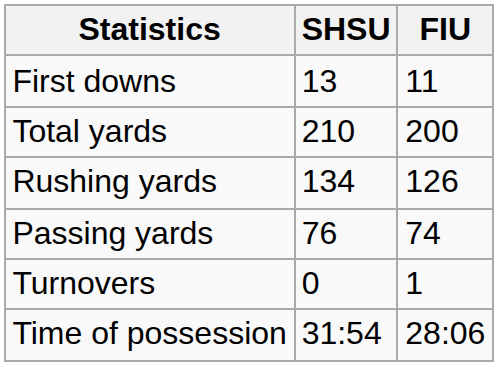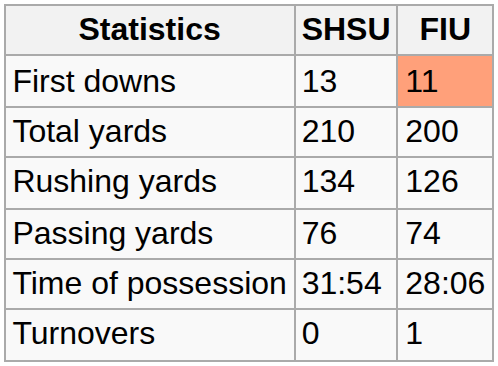 <table class="wikitable" style="float: left;">
 <tr>
 <th>Statistics</th>
 <th>SHSU</th>
 <th>FIU</th>
 </tr>
 <tr>
 <td>First downs</td>
 <td>13</td>
-<td>11</td>
+<td style="background: lightsalmon;">11</td>
 </tr>
 <tr>
 <td>Total yards</td>
 <td>210</td>
 <td>200</td>
 </tr>
 <tr>
 <td>Rushing yards</td>
 <td>134</td>
 <td>126</td>
 </tr>
 <tr>
 <td>Passing yards</td>
 <td>76</td>
 <td>74</td>
 </tr>
 <tr>
+<td>Time of possession</td>
+<td>31:54</td>
+<td>28:06</td>
+</tr>
+<tr>
 <td>Turnovers</td>
 <td>0</td>
 <td>1</td>
 </tr>
 <tr>
-<td>Time of possession</td>
-<td>31:54</td>
-<td>28:06</td>
-</tr>
-<tr>
 </tr>
 </table>
